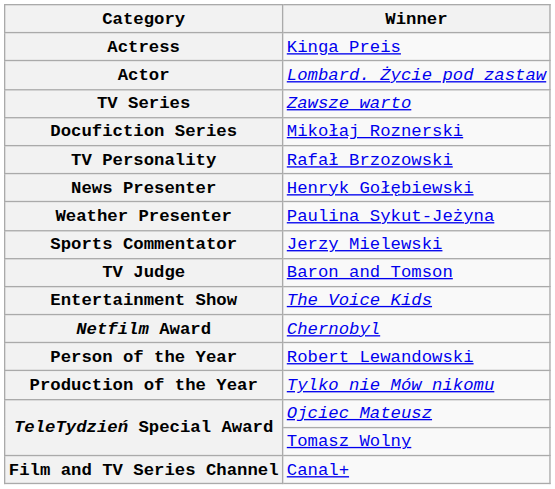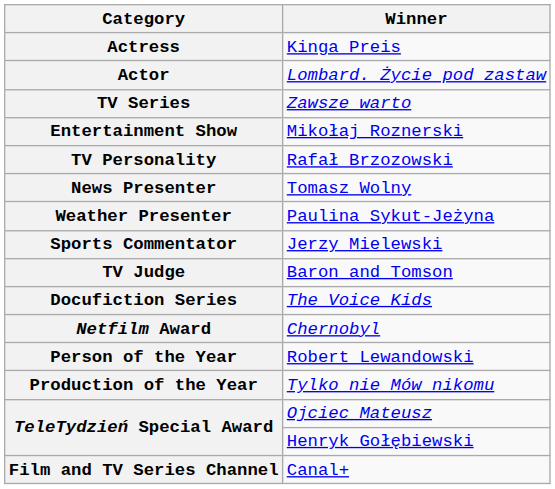 <table class="wikitable">
 <tr>
 <th>Category</th>
 <th>Winner</th>
 </tr>
 <tr>
 <th scope="row">Actress</th>
 <td><a href='#'>Kinga Preis</a></td>
 </tr>
 <tr>
 <th scope="row">Actor</th>
 <td><em><a href='#'>Lombard. Życie pod zastaw</a></em></td>
 </tr>
 <tr>
 <th scope="row">TV Series</th>
 <td><em><a href='#'>Zawsze warto</a></em></td>
 </tr>
 <tr>
-<th scop="row">Docufiction Series</th>
+<th scope="row">Entertainment Show</th>
 <td><a href='#'>Mikołaj Roznerski</a></td>
 </tr>
 <tr>
 <th scope="row">TV Personality</th>
 <td><a href='#'>Rafał Brzozowski</a></td>
 </tr>
 <tr>
 <th scope="row">News Presenter</th>
-<td><a href='#'>Henryk Gołębiewski</a></td>
+<td><a href='#'>Tomasz Wolny</a></td>
 </tr>
 <tr>
 <th scope="row">Weather Presenter</th>
 <td><a href='#'>Paulina Sykut-Jeżyna</a></td>
 </tr>
 <tr>
 <th scope="row">Sports Commentator</th>
 <td><a href='#'>Jerzy Mielewski</a></td>
 </tr>
 <tr>
 <th scope="row">TV Judge</th>
 <td><a href='#'>Baron and Tomson</a></td>
 </tr>
 <tr>
-<th scope="row">Entertainment Show</th>
+<th scop="row">Docufiction Series</th>
 <td><em><a href='#'>The Voice Kids</a></em></td>
 </tr>
 <tr>
 <th scope="row"><em>Netfilm</em> Award</th>
 <td><em><a href='#'>Chernobyl</a></em></td>
 </tr>
 <tr>
 <th scope="row">Person of the Year</th>
 <td><a href='#'>Robert Lewandowski</a></td>
 </tr>
 <tr>
 <th scope="row">Production of the Year</th>
 <td><em><a href='#'>Tylko nie Mów nikomu</a></em></td>
 </tr>
 <tr>
 <th scope="row" rowspan="2"><em>TeleTydzień</em> Special Award</th>
 <td><em><a href='#'>Ojciec Mateusz</a></em></td>
 </tr>
 <tr>
-<td><a href='#'>Tomasz Wolny</a></td>
+<td><a href='#'>Henryk Gołębiewski</a></td>
 </tr>
 <tr>
 <th scope="row">Film and TV Series Channel</th>
 <td><a href='#'>Canal+</a></td>
 </tr>
 </table>
